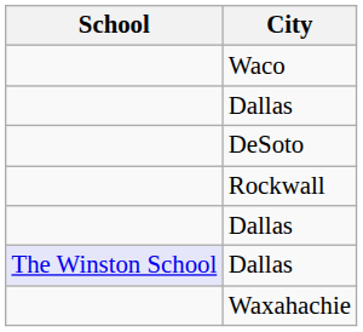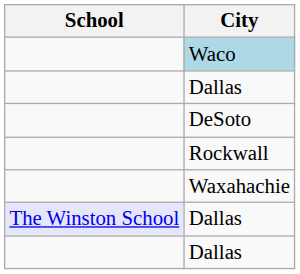 <table class="wikitable">
 <tr>
 <th>School</th>
 <th>City</th>
 </tr>
 <tr>
 <td></td>
-<td>Waco</td>
+<td style="background: lightblue;">Waco</td>
 </tr>
 <tr>
 <td></td>
 <td>Dallas</td>
 </tr>
 <tr>
 <td></td>
 <td>DeSoto</td>
 </tr>
 <tr>
 <td></td>
 <td>Rockwall</td>
 </tr>
 <tr>
 <td></td>
-<td>Dallas</td>
+<td>Waxahachie</td>
 </tr>
 <tr>
 <td style="background: lavender;"><a href='#'>The Winston School</a></td>
 <td>Dallas</td>
 </tr>
 <tr>
 <td></td>
-<td>Waxahachie</td>
+<td>Dallas</td>
 </tr>
 </table>
